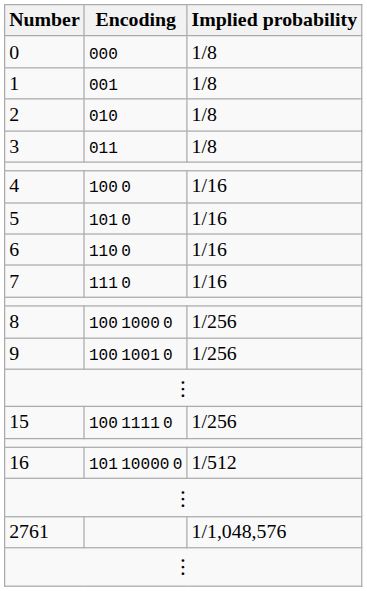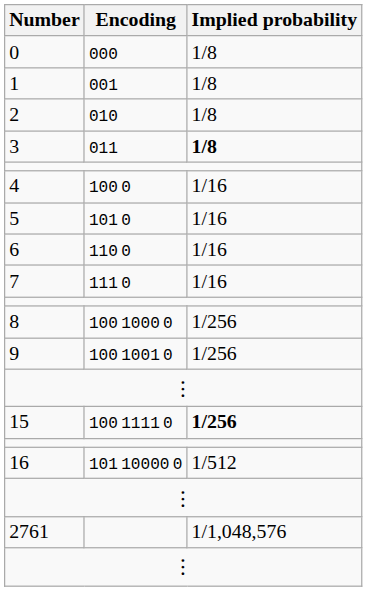 <table class="wikitable">
 <tr>
 <th>Number</th>
 <th>Encoding</th>
 <th>Implied probability</th>
 </tr>
 <tr>
 <td>0</td>
 <td><code>000</code></td>
 <td>1/8</td>
 </tr>
 <tr>
 <td>1</td>
 <td><code>001</code></td>
 <td>1/8</td>
 </tr>
 <tr>
 <td>2</td>
 <td><code>010</code></td>
 <td>1/8</td>
 </tr>
 <tr>
 <td>3</td>
 <td><code>011</code></td>
-<td>1/8</td>
+<td><strong>1/8</strong></td>
 </tr>
 <tr>
 <td colspan=3></td>
 </tr>
 <tr>
 <td>4</td>
 <td><code>100 0</code></td>
 <td>1/16</td>
 </tr>
 <tr>
 <td>5</td>
 <td><code>101 0</code></td>
 <td>1/16</td>
 </tr>
 <tr>
 <td>6</td>
 <td><code>110 0</code></td>
 <td>1/16</td>
 </tr>
 <tr>
 <td>7</td>
 <td><code>111 0</code></td>
 <td>1/16</td>
 </tr>
 <tr>
 <td colspan=3></td>
 </tr>
 <tr>
 <td>8</td>
 <td><code>100 1000 0</code></td>
 <td>1/256</td>
 </tr>
 <tr>
 <td>9</td>
 <td><code>100 1001 0</code></td>
 <td>1/256</td>
 </tr>
 <tr>
 <td colspan=3 style="text-align: center;">︙</td>
 </tr>
 <tr>
 <td>15</td>
 <td><code>100 1111 0</code></td>
-<td>1/256</td>
+<td><strong>1/256</strong></td>
 </tr>
 <tr>
 <td colspan=3></td>
 </tr>
 <tr>
 <td>16</td>
 <td><code>101 10000 0</code></td>
 <td>1/512</td>
 </tr>
 <tr>
 <td colspan=3 style="text-align: center;">︙</td>
 </tr>
 <tr>
 <td>2761</td>
 <td></td>
 <td>1/1,048,576</td>
 </tr>
 <tr>
 <td colspan=3 style="text-align: center;">︙</td>
 </tr>
 </table>
